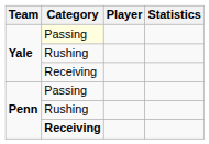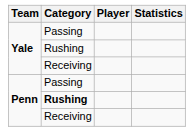 <table class="wikitable" style="float: right;">
 <tr>
 <th>Team</th>
 <th>Category</th>
 <th>Player</th>
 <th>Statistics</th>
 </tr>
 <tr>
 <td rowspan=3><strong>Yale</strong></td>
-<td style="background: lightyellow;">Passing</td>
+<td>Passing</td>
 <td></td>
 <td></td>
 </tr>
 <tr>
 <td>Rushing</td>
 <td></td>
 <td></td>
 </tr>
 <tr>
 <td>Receiving</td>
 <td></td>
 <td></td>
 </tr>
 <tr>
 <td rowspan=3><strong>Penn</strong></td>
 <td>Passing</td>
 <td></td>
 <td></td>
 </tr>
 <tr>
-<td>Rushing</td>
+<td><strong>Rushing</strong></td>
 <td></td>
 <td></td>
 </tr>
 <tr>
-<td><strong>Receiving</strong></td>
+<td>Receiving</td>
 <td></td>
 <td></td>
 </tr>
 </table>
